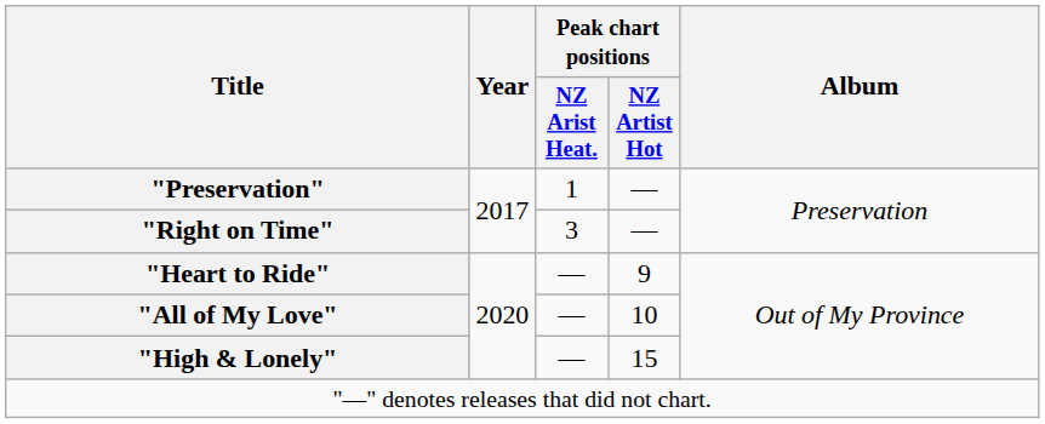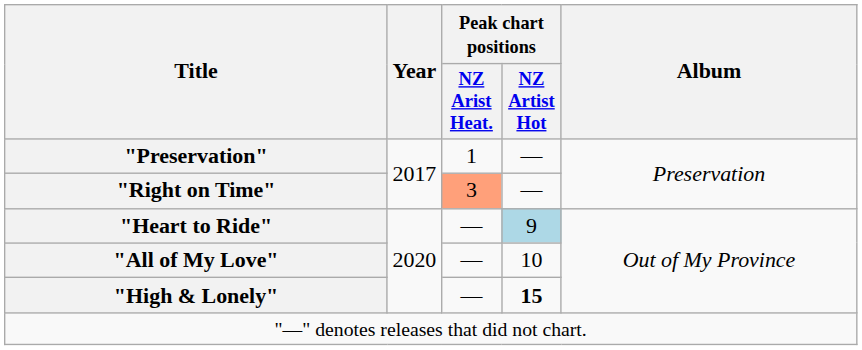 <table class="wikitable plainrowheaders" style="text-align:center;">
 <tr>
 <th scope="col" rowspan="2" style="width:17em;">Title</th>
 <th scope="col" rowspan="2" style="width:1em;">Year</th>
 <th scope="col" colspan="2"><small>Peak chart<br>positions</small></th>
 <th scope="col" rowspan="2" style="width:13em;">Album</th>
 </tr>
 <tr>
 <th scope="col" style="width:2.75em;font-size:85%;"><a href='#'>NZ<br>Arist<br>Heat.</a><br></th>
 <th scope="col" style="width:2.75em;font-size:85%;"><a href='#'>NZ<br>Artist<br>Hot</a><br></th>
 </tr>
 <tr>
 <th scope="row">"Preservation"</th>
 <td rowspan="2">2017</td>
 <td>1</td>
 <td>—</td>
 <td rowspan="2"><em>Preservation</em></td>
 </tr>
 <tr>
 <th scope="row">"Right on Time"</th>
-<td>3</td>
+<td style="background: lightsalmon;">3</td>
 <td>—</td>
 </tr>
 <tr>
 <th scope="row">"Heart to Ride"</th>
 <td rowspan="3">2020</td>
 <td>—</td>
-<td>9</td>
+<td style="background: lightblue;">9</td>
 <td rowspan="3"><em>Out of My Province</em></td>
 </tr>
 <tr>
 <th scope="row">"All of My Love"</th>
 <td>—</td>
 <td>10</td>
 </tr>
 <tr>
 <th scope="row">"High & Lonely"</th>
 <td>—</td>
-<td>15</td>
+<td><strong>15</strong></td>
 </tr>
 <tr>
 <td colspan="14" style="font-size:90%">"—" denotes releases that did not chart.</td>
 </tr>
 </table>
